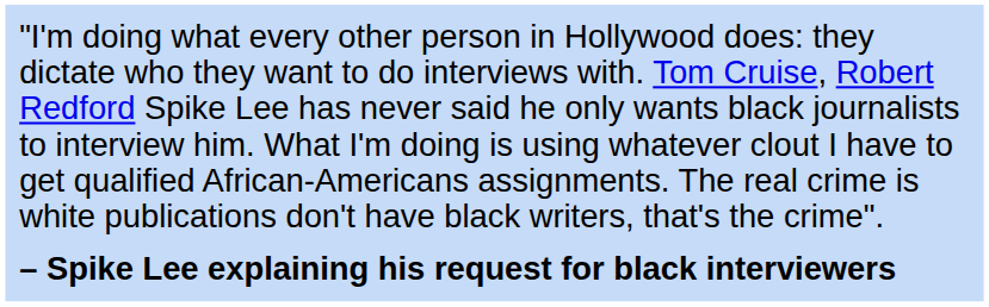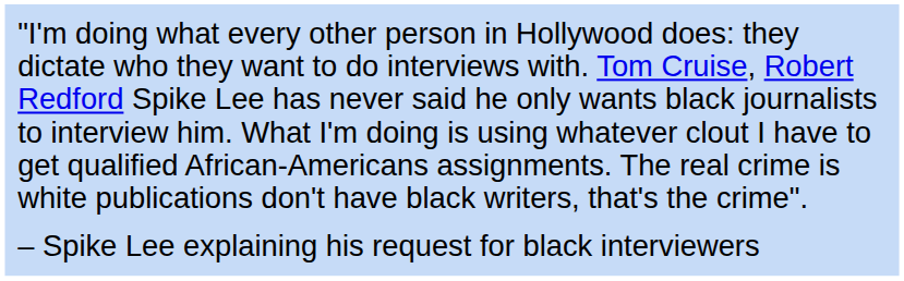 <table class="toccolours" style="float: right; margin-left: 1em; margin-right: 2em; font-size: 85%; background:#c6dbf7; color:black; width:30em; max-width: 40%;" cellspacing="5">
 <tr>
 <td style="text-align: left;">"I'm doing what every other person in Hollywood does: they dictate who they want to do interviews with. <a href='#'>Tom Cruise</a>, <a href='#'>Robert Redford</a> Spike Lee has never said he only wants black journalists to interview him. What I'm doing is using whatever clout I have to get qualified African-Americans assignments. The real crime is white publications don't have black writers, that's the crime".</td>
 </tr>
 <tr>
-<td style="text-align: left;"><strong>– Spike Lee explaining his request for black interviewers</strong></td>
+<td style="text-align: left;">– Spike Lee explaining his request for black interviewers</td>
 </tr>
 </table>
